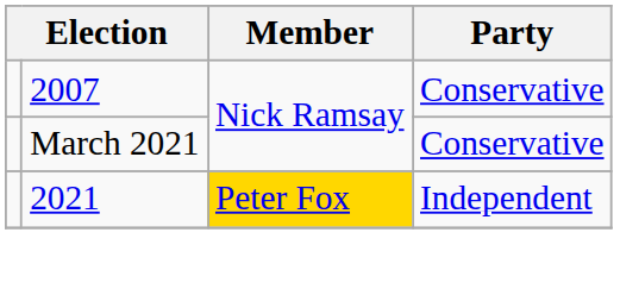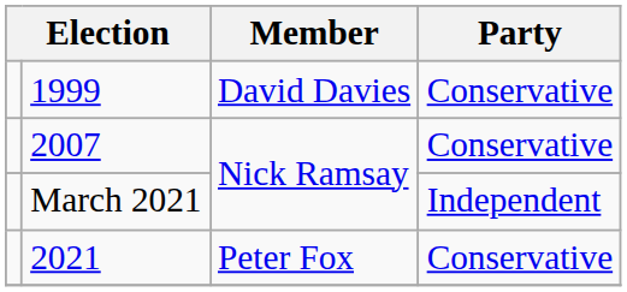 <table class="wikitable">
 <tr>
 <th colspan="2">Election</th>
 <th>Member</th>
 <th>Party</th>
+</tr>
+<tr>
+<td style="background-color: "></td>
+<td><a href='#'>1999</a></td>
+<td><a href='#'>David Davies</a></td>
+<td><a href='#'>Conservative</a></td>
 </tr>
 <tr>
 <td style="background-color: "></td>
 <td><a href='#'>2007</a></td>
 <td rowspan="2"><a href='#'>Nick Ramsay</a></td>
 <td><a href='#'>Conservative</a></td>
 </tr>
 <tr>
 <td style="background-color: "></td>
 <td>March 2021</td>
-<td><a href='#'>Conservative</a></td>
+<td><a href='#'>Independent</a></td>
 </tr>
 <tr>
 <td style="background-color: "></td>
 <td><a href='#'>2021</a></td>
-<td style="background: gold;"><a href='#'>Peter Fox</a></td>
-<td><a href='#'>Independent</a></td>
+<td><a href='#'>Peter Fox</a></td>
+<td><a href='#'>Conservative</a></td>
 </tr>
 <tr>
 </tr>
 </table>
